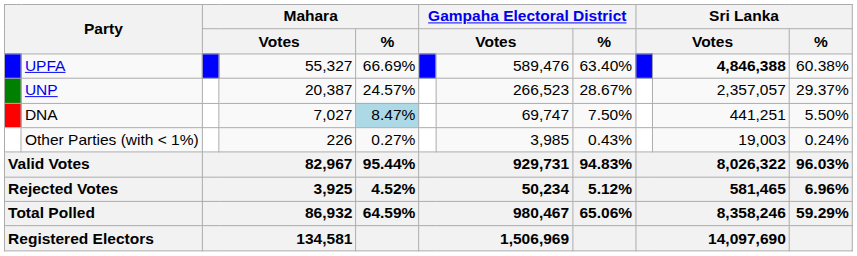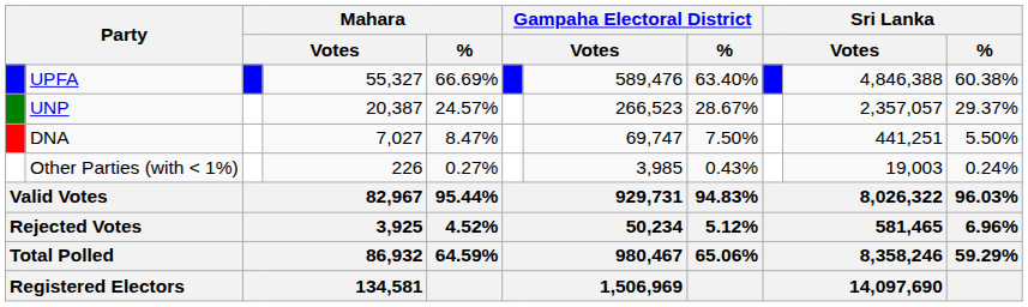 <table class="wikitable">
 <tr>
 <th colspan="2" width="144px"rowspan="2">Party</th>
 <th colspan="3" width="216px">Mahara</th>
 <th colspan="3" width="216px"><a href='#'>Gampaha Electoral District</a></th>
 <th colspan="3" width="216px">Sri Lanka</th>
 </tr>
 <tr>
 <th colspan="2" width="144px">Votes</th>
 <th>%</th>
 <th colspan="2" width="144px">Votes</th>
 <th>%</th>
 <th colspan="2" width="144px">Votes</th>
 <th>%</th>
 </tr>
 <tr>
 <td style="background-color:blue;" width="10px"></td>
 <td style="text-align:left;"><a href='#'>UPFA</a></td>
 <td style="background-color:blue;" width="10px"></td>
 <td style="text-align:right;">55,327</td>
 <td style="text-align:right;">66.69%</td>
 <td style="background-color:blue;" width="10px"></td>
 <td style="text-align:right;">589,476</td>
 <td style="text-align:right;">63.40%</td>
 <td style="background-color:blue;" width="10px"></td>
-<td style="text-align:right;"><strong>4,846,388</strong></td>
+<td style="text-align:right;">4,846,388</td>
 <td style="text-align:right;">60.38%</td>
 </tr>
 <tr>
 <td style="background-color:green;" width="10px"></td>
 <td style="text-align:left;"><a href='#'>UNP</a></td>
 <td style="background-color:white;" width="10px"></td>
 <td style="text-align:right;">20,387</td>
 <td style="text-align:right;">24.57%</td>
 <td style="background-color:white;" width="10px"></td>
 <td style="text-align:right;">266,523</td>
 <td style="text-align:right;">28.67%</td>
 <td style="background-color:white;" width="10px"></td>
 <td style="text-align:right;">2,357,057</td>
 <td style="text-align:right;">29.37%</td>
 </tr>
 <tr>
 <td style="background-color:red;" width="10px"></td>
 <td style="text-align:left;">DNA</td>
 <td style="background-color:white;" width="10px"></td>
 <td style="text-align:right;">7,027</td>
-<td style="background: lightblue; text-align:right;">8.47%</td>
+<td style="text-align:right;">8.47%</td>
 <td style="background-color:white;" width="10px"></td>
 <td style="text-align:right;">69,747</td>
 <td style="text-align:right;">7.50%</td>
 <td style="background-color:white;" width="10px"></td>
 <td style="text-align:right;">441,251</td>
 <td style="text-align:right;">5.50%</td>
 </tr>
 <tr>
 <td style="background-color:white;" width="10px"></td>
 <td style="text-align:left;">Other Parties (with < 1%)</td>
 <td style="background-color:white;" width="10px"></td>
 <td style="text-align:right;">226</td>
 <td style="text-align:right;">0.27%</td>
 <td style="background-color:white;" width="10px"></td>
 <td style="text-align:right;">3,985</td>
 <td style="text-align:right;">0.43%</td>
 <td style="background-color:white;" width="10px"></td>
 <td style="text-align:right;">19,003</td>
 <td style="text-align:right;">0.24%</td>
 </tr>
 <tr>
 <th colspan="2" width="144px"style="text-align:left;">Valid Votes</th>
 <th style="text-align:right;"colspan="2" width="144px">82,967</th>
 <th style="text-align:right;">95.44%</th>
 <th style="text-align:right;"colspan="2" width="144px">929,731</th>
 <th style="text-align:right;">94.83%</th>
 <th style="text-align:right;"colspan="2" width="144px">8,026,322</th>
 <th style="text-align:right;">96.03%</th>
 </tr>
 <tr>
 <th colspan="2" width="144px"style="text-align:left;">Rejected Votes</th>
 <th style="text-align:right;"colspan="2" width="144px">3,925</th>
 <th style="text-align:right;">4.52%</th>
 <th style="text-align:right;"colspan="2" width="144px">50,234</th>
 <th style="text-align:right;">5.12%</th>
 <th style="text-align:right;"colspan="2" width="144px">581,465</th>
 <th style="text-align:right;">6.96%</th>
 </tr>
 <tr>
 <th colspan="2" width="144px"style="text-align:left;">Total Polled</th>
 <th style="text-align:right;"colspan="2" width="144px">86,932</th>
 <th style="text-align:right;">64.59%</th>
 <th style="text-align:right;"colspan="2" width="144px">980,467</th>
 <th style="text-align:right;">65.06%</th>
 <th style="text-align:right;"colspan="2" width="144px">8,358,246</th>
 <th style="text-align:right;">59.29%</th>
 </tr>
 <tr>
 <th colspan="2" width="144px"style="text-align:left;">Registered Electors</th>
 <th style="text-align:right;"colspan="2" width="144px">134,581</th>
 <th></th>
 <th style="text-align:right;"colspan="2" width="144px">1,506,969</th>
 <th></th>
 <th style="text-align:right;"colspan="2" width="144px">14,097,690</th>
 <th></th>
 </tr>
 </table>
